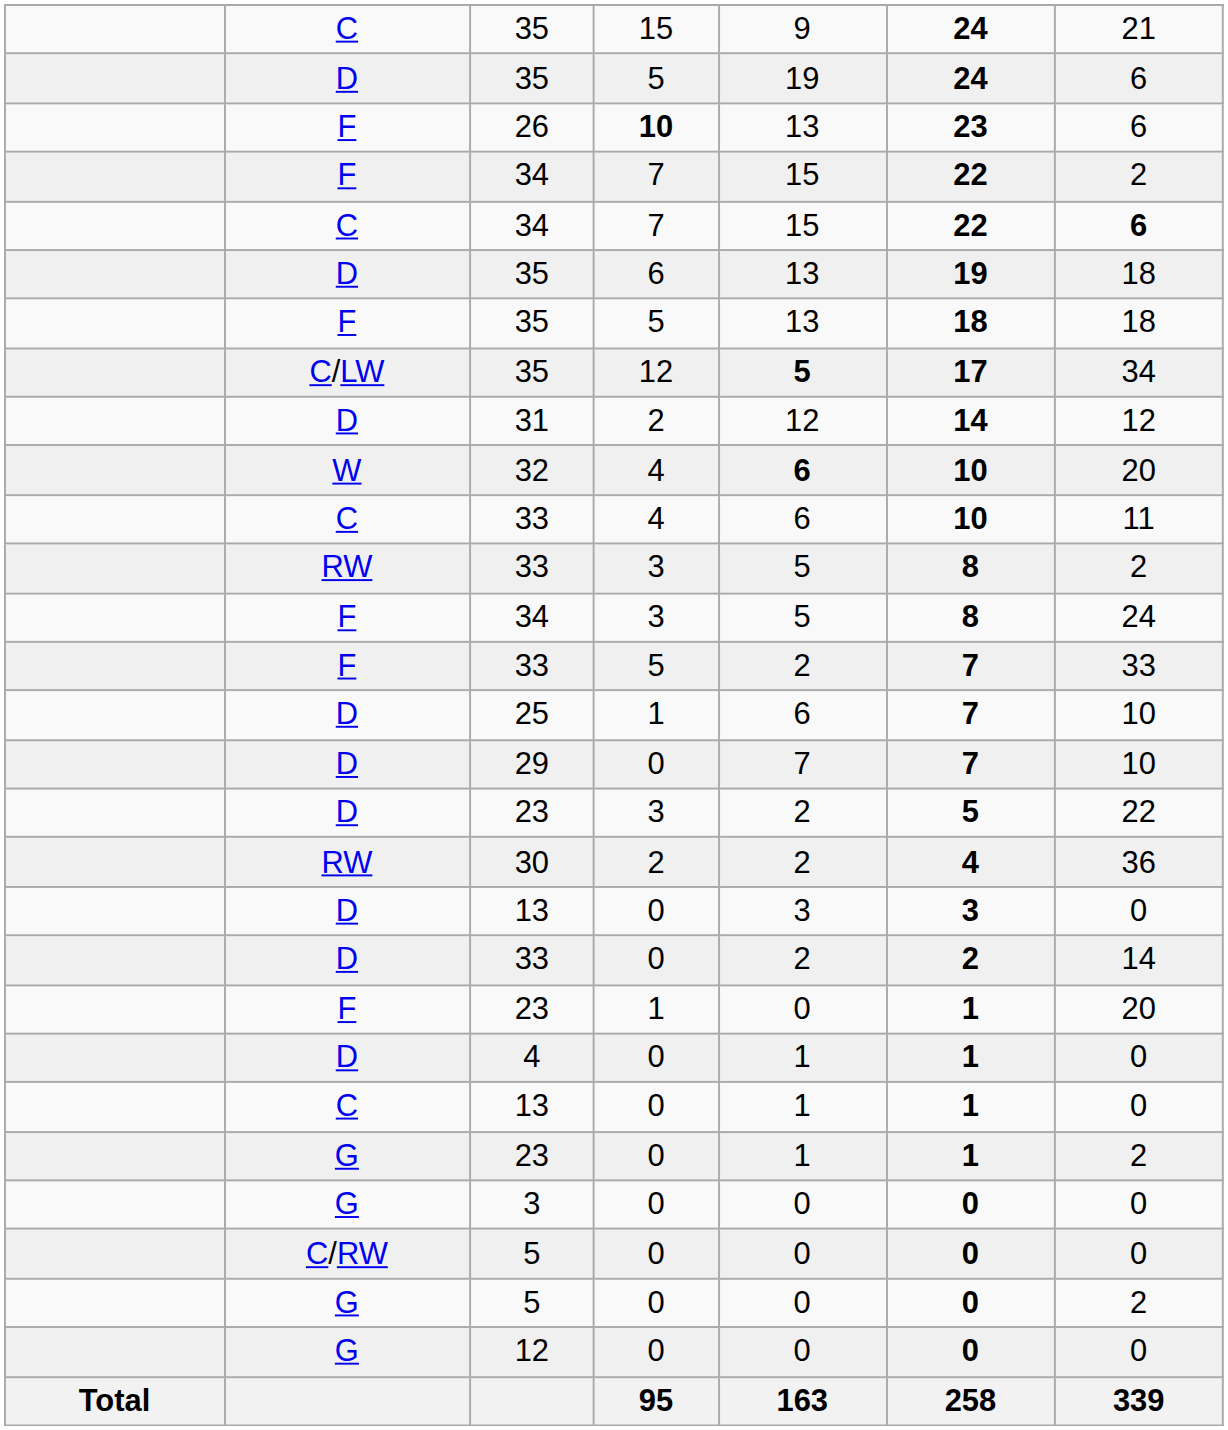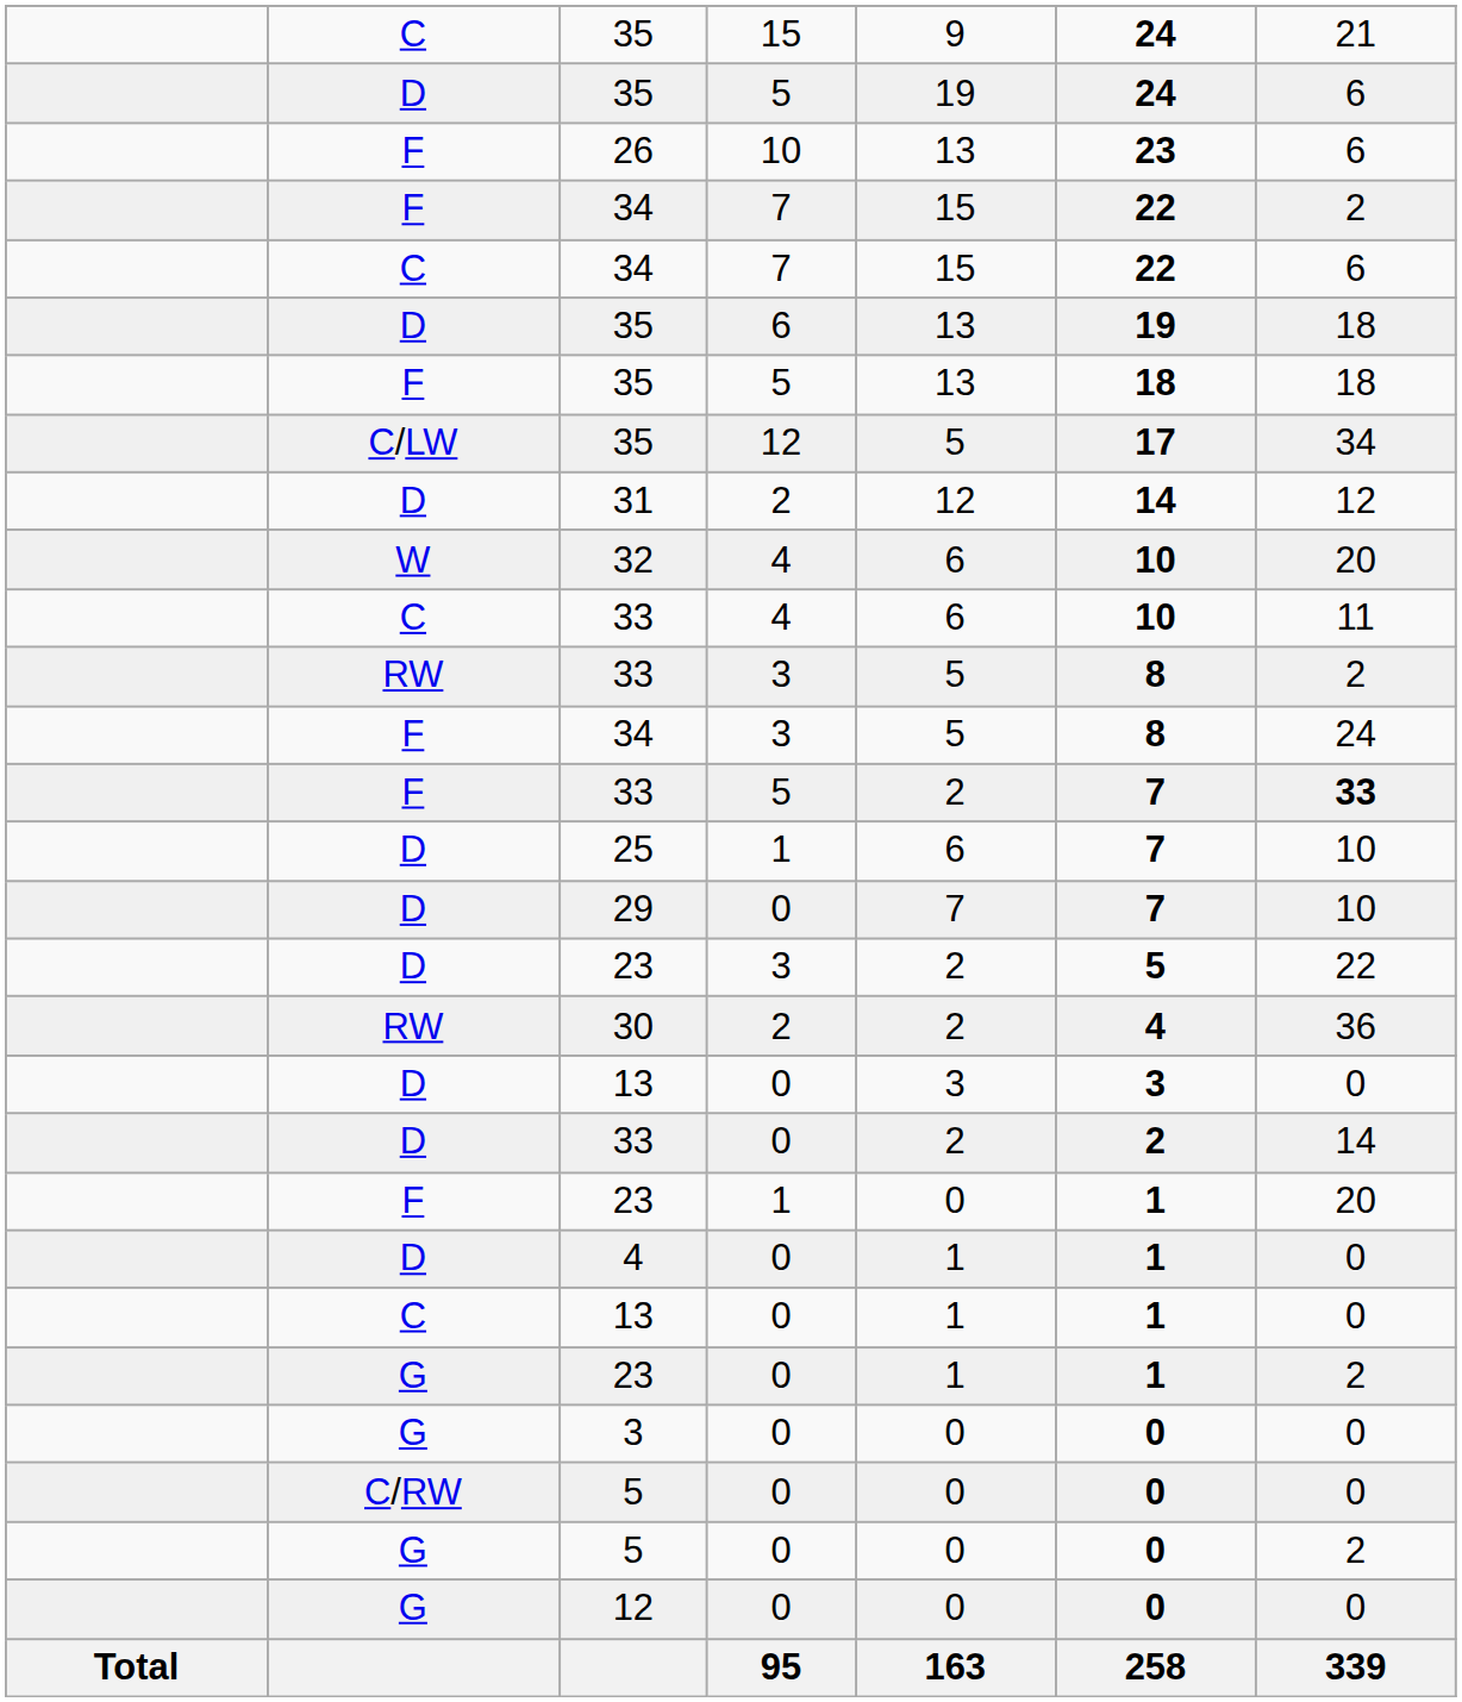 <table class="wikitable sortable" width ="50%">
 <tr align="center">
 </tr>
 <tr align="center" bgcolor="">
 <td></td>
 <td><a href='#'>C</a></td>
 <td>35</td>
 <td>15</td>
 <td>9</td>
 <td><strong>24</strong></td>
 <td>21</td>
 </tr>
 <tr align="center" bgcolor="f0f0f0">
 <td></td>
 <td><a href='#'>D</a></td>
 <td>35</td>
 <td>5</td>
 <td>19</td>
 <td><strong>24</strong></td>
 <td>6</td>
 </tr>
 <tr align="center" bgcolor="">
 <td></td>
 <td><a href='#'>F</a></td>
 <td>26</td>
-<td><strong>10</strong></td>
+<td>10</td>
 <td>13</td>
 <td><strong>23</strong></td>
 <td>6</td>
 </tr>
 <tr align="center" bgcolor="f0f0f0">
 <td></td>
 <td><a href='#'>F</a></td>
 <td>34</td>
 <td>7</td>
 <td>15</td>
 <td><strong>22</strong></td>
 <td>2</td>
 </tr>
 <tr align="center" bgcolor="">
 <td></td>
 <td><a href='#'>C</a></td>
 <td>34</td>
 <td>7</td>
 <td>15</td>
 <td><strong>22</strong></td>
-<td><strong>6</strong></td>
+<td>6</td>
 </tr>
 <tr align="center" bgcolor="f0f0f0">
 <td></td>
 <td><a href='#'>D</a></td>
 <td>35</td>
 <td>6</td>
 <td>13</td>
 <td><strong>19</strong></td>
 <td>18</td>
 </tr>
 <tr align="center" bgcolor="">
 <td></td>
 <td><a href='#'>F</a></td>
 <td>35</td>
 <td>5</td>
 <td>13</td>
 <td><strong>18</strong></td>
 <td>18</td>
 </tr>
 <tr align="center" bgcolor="f0f0f0">
 <td></td>
 <td><a href='#'>C</a>/<a href='#'>LW</a></td>
 <td>35</td>
 <td>12</td>
-<td><strong>5</strong></td>
+<td>5</td>
 <td><strong>17</strong></td>
 <td>34</td>
 </tr>
 <tr align="center" bgcolor="">
 <td></td>
 <td><a href='#'>D</a></td>
 <td>31</td>
 <td>2</td>
 <td>12</td>
 <td><strong>14</strong></td>
 <td>12</td>
 </tr>
 <tr align="center" bgcolor="f0f0f0">
 <td></td>
 <td><a href='#'>W</a></td>
 <td>32</td>
 <td>4</td>
-<td><strong>6</strong></td>
+<td>6</td>
 <td><strong>10</strong></td>
 <td>20</td>
 </tr>
 <tr align="center" bgcolor="">
 <td></td>
 <td><a href='#'>C</a></td>
 <td>33</td>
 <td>4</td>
 <td>6</td>
 <td><strong>10</strong></td>
 <td>11</td>
 </tr>
 <tr align="center" bgcolor="f0f0f0">
 <td></td>
 <td><a href='#'>RW</a></td>
 <td>33</td>
 <td>3</td>
 <td>5</td>
 <td><strong>8</strong></td>
 <td>2</td>
 </tr>
 <tr align="center" bgcolor="">
 <td></td>
 <td><a href='#'>F</a></td>
 <td>34</td>
 <td>3</td>
 <td>5</td>
 <td><strong>8</strong></td>
 <td>24</td>
 </tr>
 <tr align="center" bgcolor="f0f0f0">
 <td></td>
 <td><a href='#'>F</a></td>
 <td>33</td>
 <td>5</td>
 <td>2</td>
 <td><strong>7</strong></td>
-<td>33</td>
+<td><strong>33</strong></td>
 </tr>
 <tr align="center" bgcolor="">
 <td></td>
 <td><a href='#'>D</a></td>
 <td>25</td>
 <td>1</td>
 <td>6</td>
 <td><strong>7</strong></td>
 <td>10</td>
 </tr>
 <tr align="center" bgcolor="f0f0f0">
 <td></td>
 <td><a href='#'>D</a></td>
 <td>29</td>
 <td>0</td>
 <td>7</td>
 <td><strong>7</strong></td>
 <td>10</td>
 </tr>
 <tr align="center" bgcolor="">
 <td></td>
 <td><a href='#'>D</a></td>
 <td>23</td>
 <td>3</td>
 <td>2</td>
 <td><strong>5</strong></td>
 <td>22</td>
 </tr>
 <tr align="center" bgcolor="f0f0f0">
 <td></td>
 <td><a href='#'>RW</a></td>
 <td>30</td>
 <td>2</td>
 <td>2</td>
 <td><strong>4</strong></td>
 <td>36</td>
 </tr>
 <tr align="center" bgcolor="">
 <td></td>
 <td><a href='#'>D</a></td>
 <td>13</td>
 <td>0</td>
 <td>3</td>
 <td><strong>3</strong></td>
 <td>0</td>
 </tr>
 <tr align="center" bgcolor="f0f0f0">
 <td></td>
 <td><a href='#'>D</a></td>
 <td>33</td>
 <td>0</td>
 <td>2</td>
 <td><strong>2</strong></td>
 <td>14</td>
 </tr>
 <tr align="center" bgcolor="">
 <td></td>
 <td><a href='#'>F</a></td>
 <td>23</td>
 <td>1</td>
 <td>0</td>
 <td><strong>1</strong></td>
 <td>20</td>
 </tr>
 <tr align="center" bgcolor="f0f0f0">
 <td></td>
 <td><a href='#'>D</a></td>
 <td>4</td>
 <td>0</td>
 <td>1</td>
 <td><strong>1</strong></td>
 <td>0</td>
 </tr>
 <tr align="center" bgcolor="">
 <td></td>
 <td><a href='#'>C</a></td>
 <td>13</td>
 <td>0</td>
 <td>1</td>
 <td><strong>1</strong></td>
 <td>0</td>
 </tr>
 <tr align="center" bgcolor="f0f0f0">
 <td></td>
 <td><a href='#'>G</a></td>
 <td>23</td>
 <td>0</td>
 <td>1</td>
 <td><strong>1</strong></td>
 <td>2</td>
 </tr>
 <tr align="center" bgcolor="">
 <td></td>
 <td><a href='#'>G</a></td>
 <td>3</td>
 <td>0</td>
 <td>0</td>
 <td><strong>0</strong></td>
 <td>0</td>
 </tr>
 <tr align="center" bgcolor="f0f0f0">
 <td></td>
 <td><a href='#'>C</a>/<a href='#'>RW</a></td>
 <td>5</td>
 <td>0</td>
 <td>0</td>
 <td><strong>0</strong></td>
 <td>0</td>
 </tr>
 <tr align="center" bgcolor="">
 <td></td>
 <td><a href='#'>G</a></td>
 <td>5</td>
 <td>0</td>
 <td>0</td>
 <td><strong>0</strong></td>
 <td>2</td>
 </tr>
 <tr align="center" bgcolor="f0f0f0">
 <td></td>
 <td><a href='#'>G</a></td>
 <td>12</td>
 <td>0</td>
 <td>0</td>
 <td><strong>0</strong></td>
 <td>0</td>
 </tr>
 <tr>
 <th>Total</th>
 <th></th>
 <th></th>
 <th>95</th>
 <th>163</th>
 <th>258</th>
 <th>339</th>
 </tr>
 </table>
